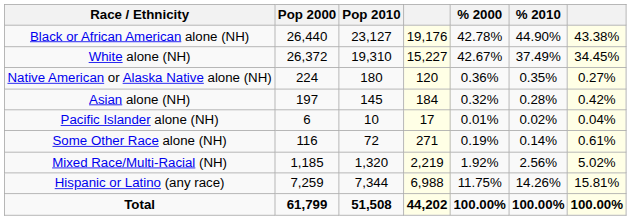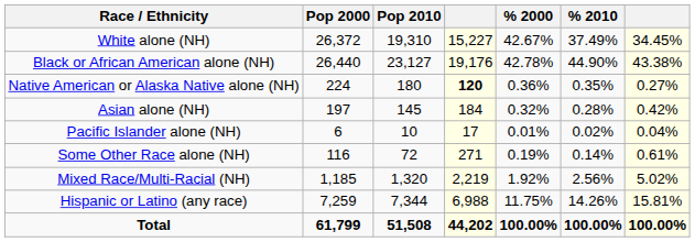 <table class="wikitable"  style="text-align:center;">
 <tr>
 <th>Race / Ethnicity</th>
 <th>Pop 2000</th>
 <th>Pop 2010</th>
 <th></th>
 <th>% 2000</th>
 <th>% 2010</th>
 <th></th>
 </tr>
 <tr>
+<td><a href='#'>White</a> alone (NH)</td>
+<td>26,372</td>
+<td>19,310</td>
+<td style='background: #ffffe6;'>15,227</td>
+<td>42.67%</td>
+<td>37.49%</td>
+<td style='background: #ffffe6;'>34.45%</td>
+</tr>
+<tr>
 <td><a href='#'>Black or African American</a> alone (NH)</td>
 <td>26,440</td>
 <td>23,127</td>
 <td style='background: #ffffe6;'>19,176</td>
 <td>42.78%</td>
 <td>44.90%</td>
 <td style='background: #ffffe6;'>43.38%</td>
 </tr>
 <tr>
-<td><a href='#'>White</a> alone (NH)</td>
-<td>26,372</td>
-<td>19,310</td>
-<td style='background: #ffffe6;'>15,227</td>
-<td>42.67%</td>
-<td>37.49%</td>
-<td style='background: #ffffe6;'>34.45%</td>
-</tr>
-<tr>
 <td><a href='#'>Native American</a> or <a href='#'>Alaska Native</a> alone (NH)</td>
 <td>224</td>
 <td>180</td>
-<td style='background: #ffffe6;'>120</td>
+<td style='background: #ffffe6;'><strong>120</strong></td>
 <td>0.36%</td>
 <td>0.35%</td>
 <td style='background: #ffffe6;'>0.27%</td>
 </tr>
 <tr>
 <td><a href='#'>Asian</a> alone (NH)</td>
 <td>197</td>
 <td>145</td>
 <td style='background: #ffffe6;'>184</td>
 <td>0.32%</td>
 <td>0.28%</td>
 <td style='background: #ffffe6;'>0.42%</td>
 </tr>
 <tr>
 <td><a href='#'>Pacific Islander</a> alone (NH)</td>
 <td>6</td>
 <td>10</td>
 <td style='background: #ffffe6;'>17</td>
 <td>0.01%</td>
 <td>0.02%</td>
 <td style='background: #ffffe6;'>0.04%</td>
 </tr>
 <tr>
 <td><a href='#'>Some Other Race</a> alone (NH)</td>
 <td>116</td>
 <td>72</td>
 <td style='background: #ffffe6;'>271</td>
 <td>0.19%</td>
 <td>0.14%</td>
 <td style='background: #ffffe6;'>0.61%</td>
 </tr>
 <tr>
 <td><a href='#'>Mixed Race/Multi-Racial</a> (NH)</td>
 <td>1,185</td>
 <td>1,320</td>
 <td style='background: #ffffe6;'>2,219</td>
 <td>1.92%</td>
 <td>2.56%</td>
 <td style='background: #ffffe6;'>5.02%</td>
 </tr>
 <tr>
 <td><a href='#'>Hispanic or Latino</a> (any race)</td>
 <td>7,259</td>
 <td>7,344</td>
 <td style='background: #ffffe6;'>6,988</td>
 <td>11.75%</td>
 <td>14.26%</td>
 <td style='background: #ffffe6;'>15.81%</td>
 </tr>
 <tr>
 <td><strong>Total</strong></td>
 <td><strong>61,799</strong></td>
 <td><strong>51,508</strong></td>
 <td style='background: #ffffe6;'><strong>44,202</strong></td>
 <td><strong>100.00%</strong></td>
 <td><strong>100.00%</strong></td>
 <td style='background: #ffffe6;'><strong>100.00%</strong></td>
 </tr>
 </table>
